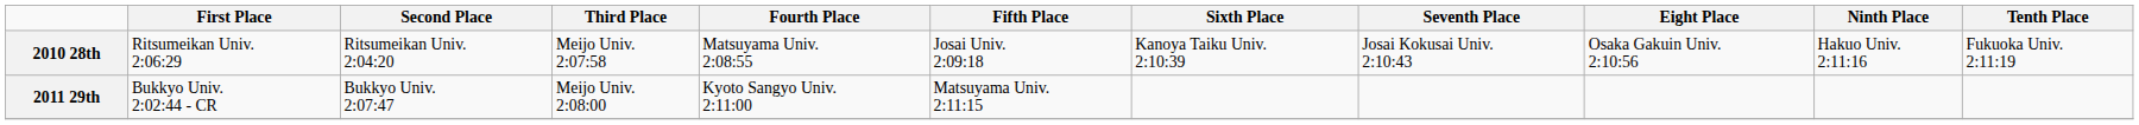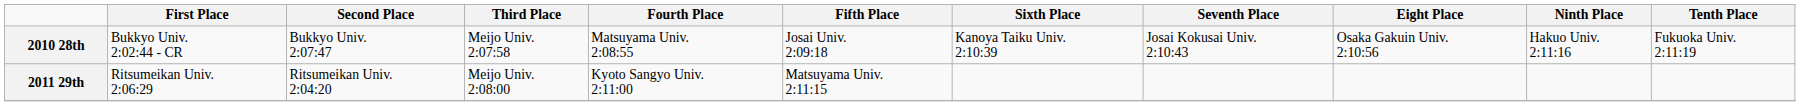 <table class="wikitable" style="text-align:left; width:105%; align:top;">
 <tr>
 <td></td>
 <th scope="col">First Place</th>
 <th scope="col">Second Place</th>
 <th scope="col">Third Place</th>
 <th scope="col">Fourth Place</th>
 <th scope="col">Fifth Place</th>
 <th scope="col">Sixth Place</th>
 <th scope="col">Seventh Place</th>
 <th scope="col">Eight Place</th>
 <th scope="col">Ninth Place</th>
 <th scope="col">Tenth Place</th>
 </tr>
 <tr>
 <th scope="row">2010  28th</th>
-<td>Ritsumeikan Univ.<br>2:06:29</td>
-<td>Ritsumeikan Univ.<br>2:04:20</td>
+<td>Bukkyo Univ.<br>2:02:44 - CR</td>
+<td>Bukkyo Univ.<br>2:07:47</td>
 <td>Meijo Univ.<br>2:07:58</td>
 <td>Matsuyama Univ.<br>2:08:55</td>
 <td>Josai Univ.<br>2:09:18</td>
 <td>Kanoya Taiku Univ.<br>2:10:39</td>
 <td>Josai Kokusai Univ.<br>2:10:43</td>
 <td>Osaka Gakuin Univ.<br>2:10:56</td>
 <td>Hakuo Univ.<br>2:11:16</td>
 <td>Fukuoka Univ.<br>2:11:19</td>
 </tr>
 <tr>
 <th scope="row">2011  29th</th>
-<td>Bukkyo Univ.<br>2:02:44 - CR</td>
-<td>Bukkyo Univ.<br>2:07:47</td>
+<td>Ritsumeikan Univ.<br>2:06:29</td>
+<td>Ritsumeikan Univ.<br>2:04:20</td>
 <td>Meijo Univ.<br>2:08:00</td>
 <td>Kyoto Sangyo Univ.<br>2:11:00</td>
 <td>Matsuyama Univ.<br>2:11:15</td>
 <td></td>
 <td></td>
 <td></td>
 <td></td>
 <td></td>
 </tr>
 <tr>
 </tr>
 </table>
